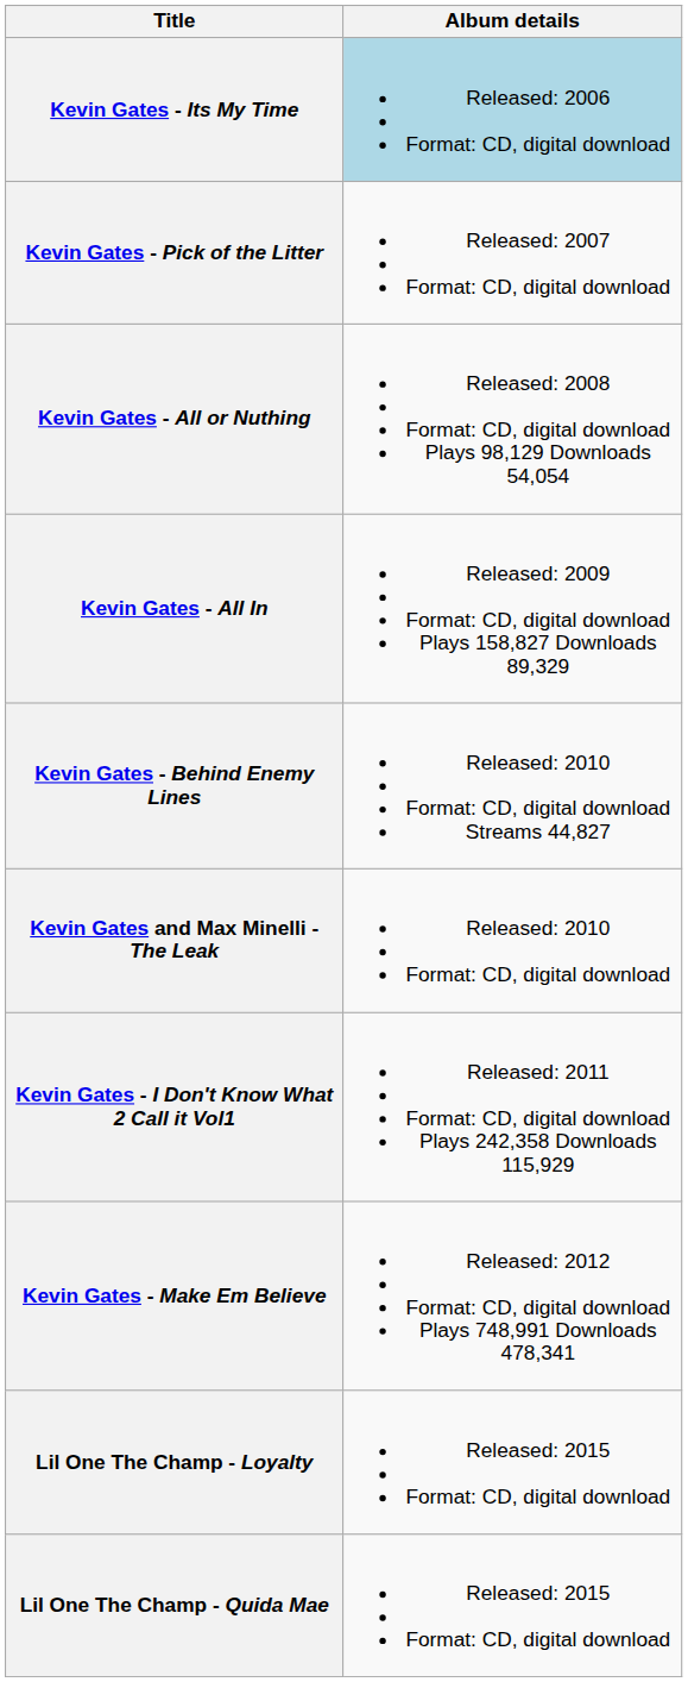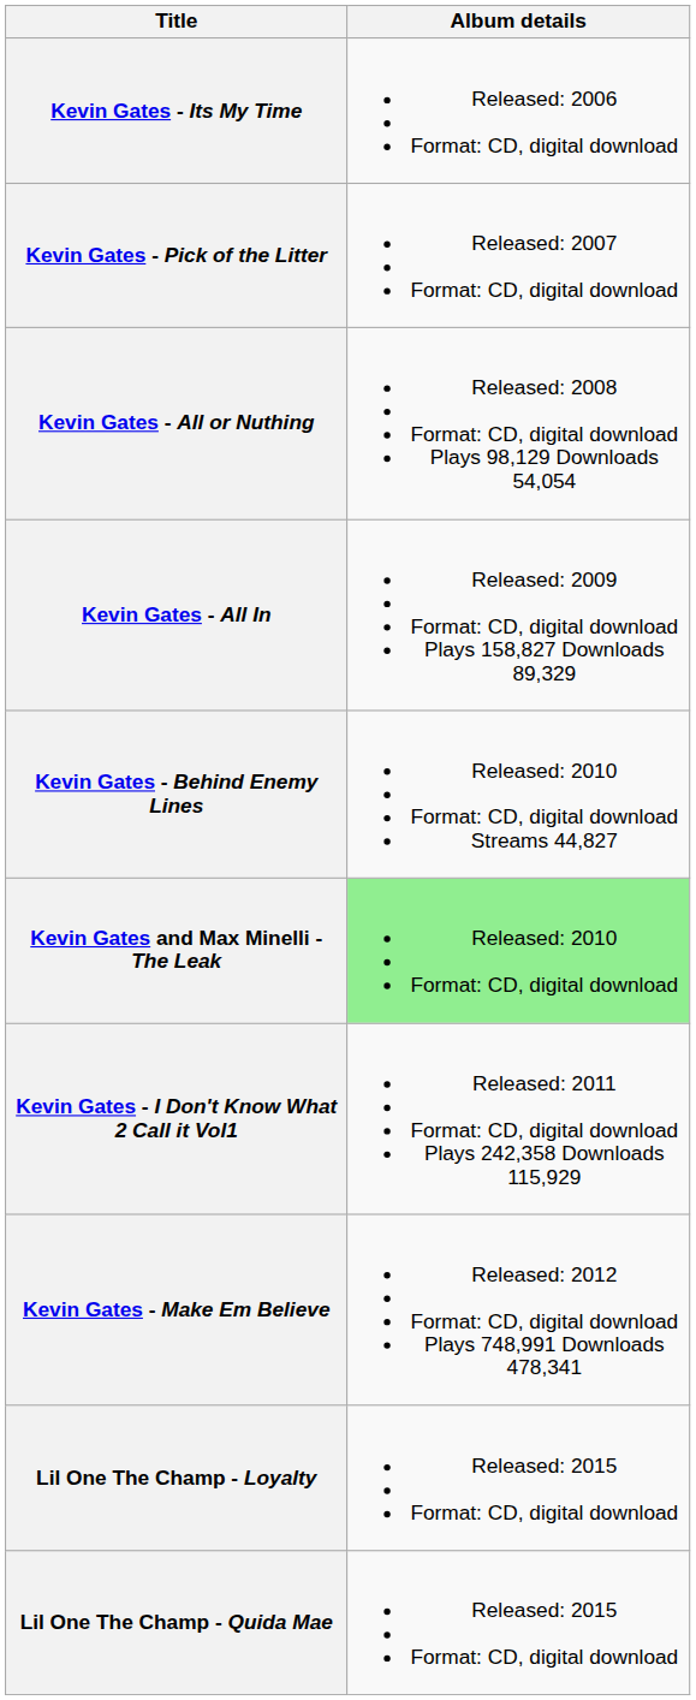 <table class="wikitable plainrowheaders" style="text-align:center;">
 <tr>
 <th scope="col" style="width:16em;">Title</th>
 <th scope="col" style="width:16em;">Album details</th>
 </tr>
 <tr>
 <th scope="row"><a href='#'>Kevin Gates</a> - <em>Its My Time</em></th>
-<td style="background: lightblue;"><br><ul><li>Released: 2006</li><li></li><li>Format: CD, digital download</li></ul></td>
+<td><br><ul><li>Released: 2006</li><li></li><li>Format: CD, digital download</li></ul></td>
 </tr>
 <tr>
 <th scope="row"><a href='#'>Kevin Gates</a> - <em>Pick of the Litter</em></th>
 <td><br><ul><li>Released: 2007</li><li></li><li>Format: CD, digital download</li></ul></td>
 </tr>
 <tr>
 <th scope="row"><a href='#'>Kevin Gates</a> - <em>All or Nuthing</em></th>
 <td><br><ul><li>Released: 2008</li><li></li><li>Format: CD, digital download</li><li>Plays 98,129 Downloads 54,054</li></ul></td>
 </tr>
 <tr>
 <th scope="row"><a href='#'>Kevin Gates</a> - <em>All In</em></th>
 <td><br><ul><li>Released: 2009</li><li></li><li>Format: CD, digital download</li><li>Plays 158,827 Downloads 89,329</li></ul></td>
 </tr>
 <tr>
 <th scope="row"><a href='#'>Kevin Gates</a> - <em>Behind Enemy Lines</em></th>
 <td><br><ul><li>Released: 2010</li><li></li><li>Format: CD, digital download</li><li>Streams 44,827</li></ul></td>
 </tr>
 <tr>
 <th scope="row"><a href='#'>Kevin Gates</a> and Max Minelli - <em>The Leak</em><br></th>
-<td><br><ul><li>Released: 2010</li><li></li><li>Format: CD, digital download</li></ul></td>
+<td style="background: lightgreen;"><br><ul><li>Released: 2010</li><li></li><li>Format: CD, digital download</li></ul></td>
 </tr>
 <tr>
 <th scope="row"><a href='#'>Kevin Gates</a> - <em>I Don't Know What 2 Call it Vol1</em></th>
 <td><br><ul><li>Released: 2011</li><li></li><li>Format: CD, digital download</li><li>Plays 242,358 Downloads 115,929</li></ul></td>
 </tr>
 <tr>
 <th scope="row"><a href='#'>Kevin Gates</a> - <em>Make Em Believe</em></th>
 <td><br><ul><li>Released: 2012</li><li></li><li>Format: CD, digital download</li><li>Plays 748,991 Downloads 478,341</li></ul></td>
 </tr>
 <tr>
 <th scope="row">Lil One The Champ - <em>Loyalty</em></th>
 <td><br><ul><li>Released: 2015</li><li></li><li>Format: CD, digital download</li></ul></td>
 </tr>
 <tr>
 <th scope="row">Lil One The Champ - <em>Quida Mae</em><br></th>
 <td><br><ul><li>Released: 2015</li><li></li><li>Format: CD, digital download</li></ul></td>
 </tr>
 </table>
